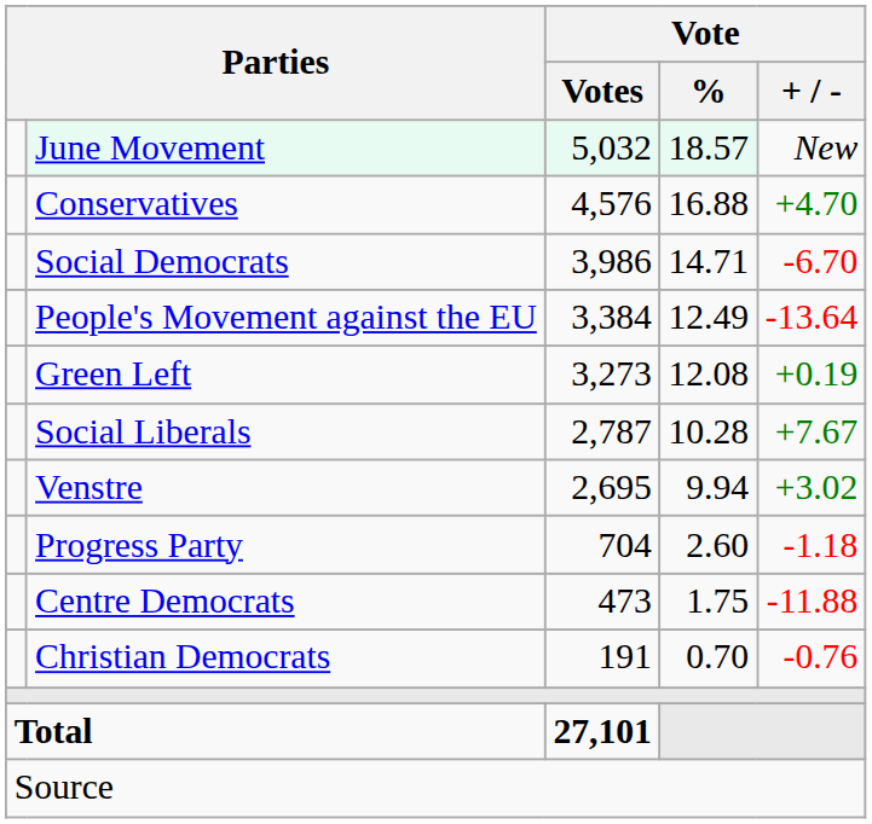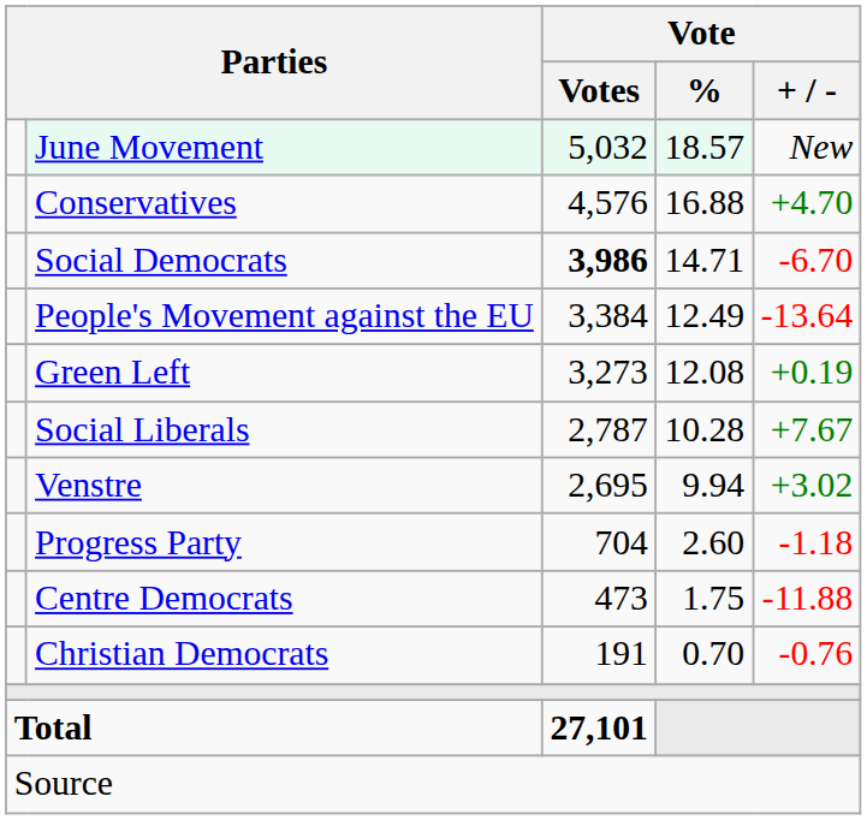 <table class="wikitable" style="text-align:right;">
 <tr>
 <th style="text-align:centre;" rowspan="2" colspan="2" width="225">Parties</th>
 <th colspan="3">Vote</th>
 </tr>
 <tr>
 <th width="15">Votes</th>
 <th width="15">%</th>
 <th width="15">+ / -</th>
 </tr>
 <tr>
 <td width="2" style="color:inherit;background:"></td>
 <td bgcolor=#e8fbf3   align="left"><a href='#'>June Movement</a></td>
 <td bgcolor=#e8fbf3>5,032</td>
 <td bgcolor=#e8fbf3>18.57</td>
 <td><em>New</em></td>
 </tr>
 <tr>
 <td width="2" style="color:inherit;background:"></td>
 <td align="left"><a href='#'>Conservatives</a></td>
 <td>4,576</td>
 <td>16.88</td>
 <td style=color:green;>+4.70</td>
 </tr>
 <tr>
 <td width="2" style="color:inherit;background:"></td>
 <td align="left"><a href='#'>Social Democrats</a></td>
-<td>3,986</td>
+<td><strong>3,986</strong></td>
 <td>14.71</td>
 <td style=color:red;>-6.70</td>
 </tr>
 <tr>
 <td width="2" style="color:inherit;background:"></td>
 <td align="left"><a href='#'>People's Movement against the EU</a></td>
 <td>3,384</td>
 <td>12.49</td>
 <td style=color:red;>-13.64</td>
 </tr>
 <tr>
 <td width="2" style="color:inherit;background:"></td>
 <td align="left"><a href='#'>Green Left</a></td>
 <td>3,273</td>
 <td>12.08</td>
 <td style=color:green;>+0.19</td>
 </tr>
 <tr>
 <td width="2" style="color:inherit;background:"></td>
 <td align="left"><a href='#'>Social Liberals</a></td>
 <td>2,787</td>
 <td>10.28</td>
 <td style=color:green;>+7.67</td>
 </tr>
 <tr>
 <td width="2" style="color:inherit;background:"></td>
 <td align="left"><a href='#'>Venstre</a></td>
 <td>2,695</td>
 <td>9.94</td>
 <td style=color:green;>+3.02</td>
 </tr>
 <tr>
 <td width="2" style="color:inherit;background:"></td>
 <td align="left"><a href='#'>Progress Party</a></td>
 <td>704</td>
 <td>2.60</td>
 <td style=color:red;>-1.18</td>
 </tr>
 <tr>
 <td width="2" style="color:inherit;background:"></td>
 <td align="left"><a href='#'>Centre Democrats</a></td>
 <td>473</td>
 <td>1.75</td>
 <td style=color:red;>-11.88</td>
 </tr>
 <tr>
 <td width="2" style="color:inherit;background:"></td>
 <td align="left"><a href='#'>Christian Democrats</a></td>
 <td>191</td>
 <td>0.70</td>
 <td style=color:red;>-0.76</td>
 </tr>
 <tr>
 <td colspan="7" bgcolor="#E9E9E9"></td>
 </tr>
 <tr>
 <td align="left" colspan="2"><strong>Total</strong></td>
 <td><strong>27,101</strong></td>
 <td bgcolor="#E9E9E9" colspan="2"></td>
 </tr>
 <tr>
 <td align="left" colspan="6">Source</td>
 </tr>
 </table>
